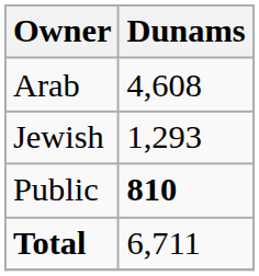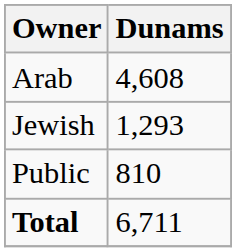 <table class="wikitable">
 <tr>
 <th>Owner</th>
 <th>Dunams</th>
 </tr>
 <tr>
 <td>Arab</td>
 <td>4,608</td>
 </tr>
 <tr>
 <td>Jewish</td>
 <td>1,293</td>
 </tr>
 <tr>
 <td>Public</td>
-<td><strong>810</strong></td>
+<td>810</td>
 </tr>
 <tr>
 <td><strong>Total</strong></td>
 <td>6,711</td>
 </tr>
 <tr>
 </tr>
 </table>
